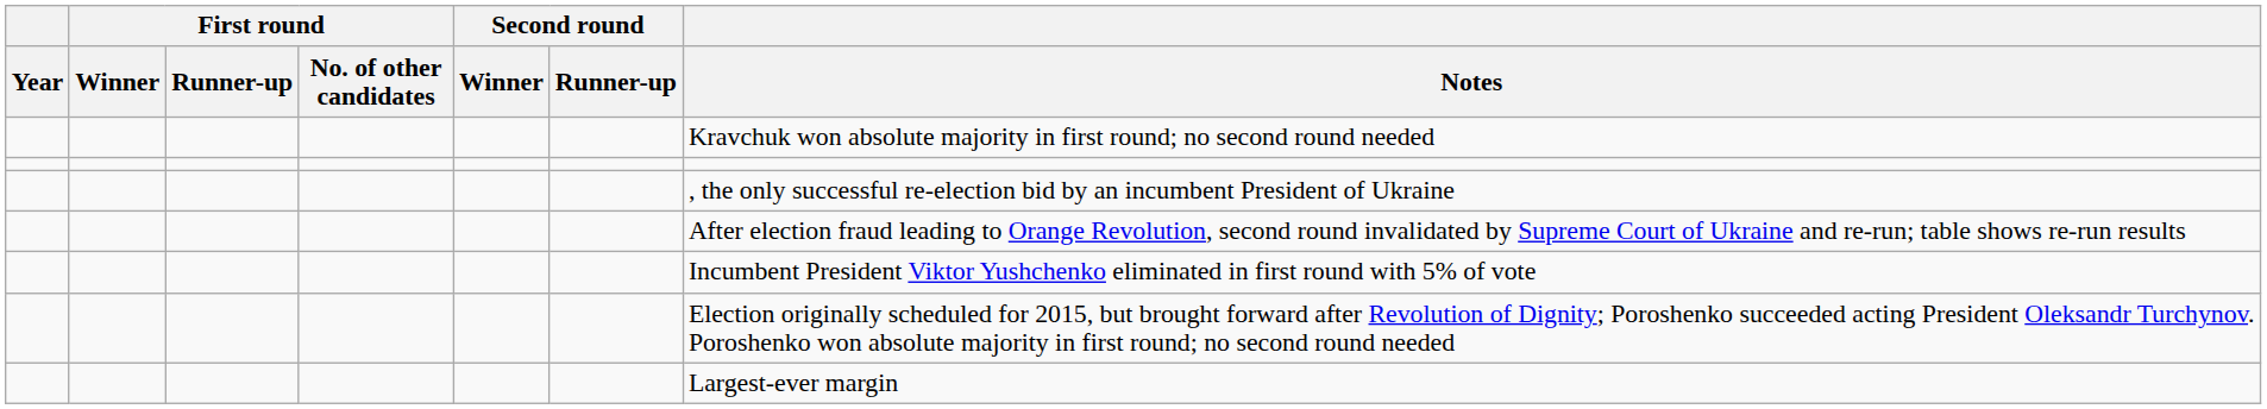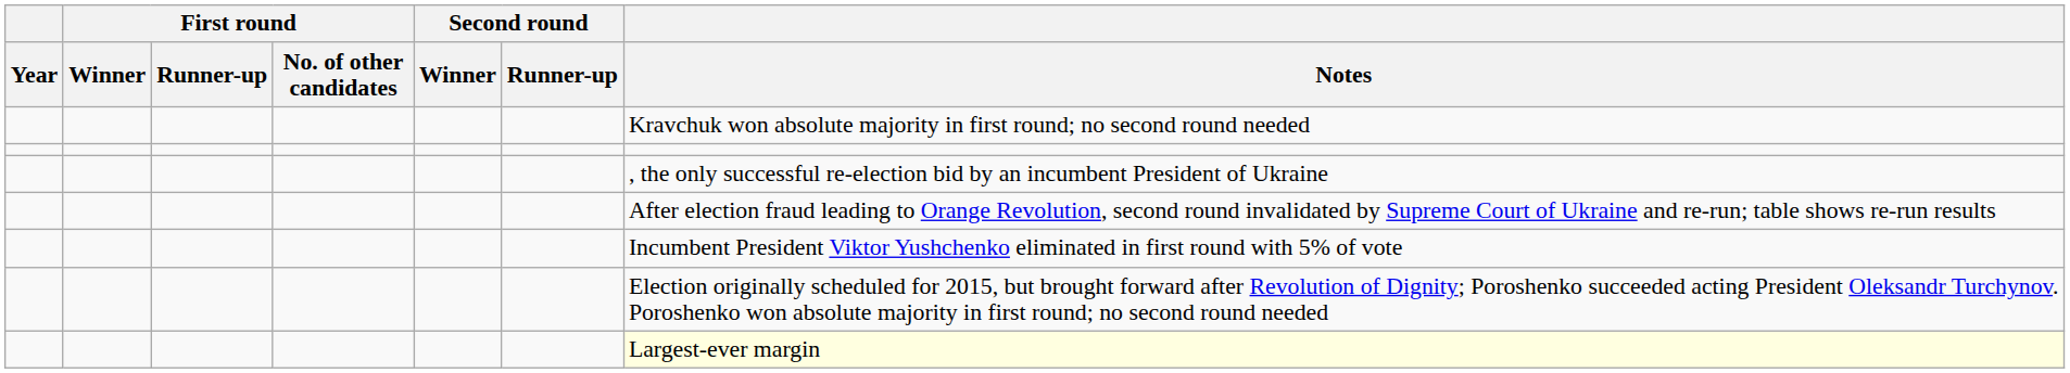 <table class="wikitable mw-collapsible">
 <tr>
 <th></th>
 <th colspan="3">First round</th>
 <th colspan="2">Second round</th>
 <th></th>
 </tr>
 <tr>
 <th>Year</th>
 <th>Winner</th>
 <th>Runner-up</th>
 <th style=max-width:5.5em>No. of other candidates</th>
 <th>Winner</th>
 <th>Runner-up</th>
 <th>Notes</th>
 </tr>
 <tr>
 <td></td>
 <td></td>
 <td></td>
 <td></td>
 <td></td>
 <td></td>
 <td>Kravchuk won absolute majority in first round; no second round needed</td>
 </tr>
 <tr>
 <td></td>
 <td></td>
 <td></td>
 <td></td>
 <td></td>
 <td></td>
 <td></td>
 </tr>
 <tr>
 <td></td>
 <td></td>
 <td></td>
 <td></td>
 <td></td>
 <td></td>
 <td>, the only successful re-election bid by an incumbent President of Ukraine</td>
 </tr>
 <tr>
 <td></td>
 <td></td>
 <td></td>
 <td></td>
 <td></td>
 <td></td>
 <td>After election fraud leading to <a href='#'>Orange Revolution</a>, second round invalidated by <a href='#'>Supreme Court of Ukraine</a> and re-run; table shows re-run results</td>
 </tr>
 <tr>
 <td></td>
 <td></td>
 <td></td>
 <td></td>
 <td></td>
 <td></td>
 <td>Incumbent President <a href='#'>Viktor Yushchenko</a> eliminated in first round with 5% of vote</td>
 </tr>
 <tr>
 <td></td>
 <td></td>
 <td></td>
 <td></td>
 <td></td>
 <td></td>
 <td>Election originally scheduled for 2015, but brought forward after <a href='#'>Revolution of Dignity</a>; Poroshenko succeeded acting President <a href='#'>Oleksandr Turchynov</a>.<br>Poroshenko won absolute majority in first round; no second round needed</td>
 </tr>
 <tr>
 <td></td>
 <td></td>
 <td></td>
 <td></td>
 <td></td>
 <td></td>
-<td>Largest-ever margin </td>
+<td style="background: lightyellow;">Largest-ever margin </td>
 </tr>
 </table>
